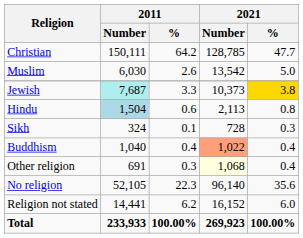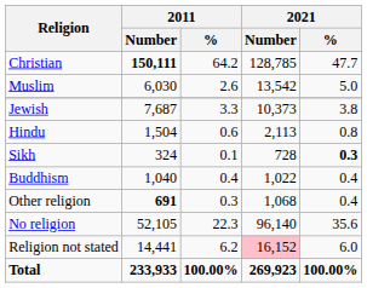 <table class="wikitable sortable" style="text-align:right">
 <tr>
 <th rowspan="2">Religion</th>
 <th colspan="2">2011</th>
 <th colspan="2">2021</th>
 </tr>
 <tr>
 <th>Number</th>
 <th>%</th>
 <th>Number</th>
 <th>%</th>
 </tr>
 <tr>
 <td style="text-align:left"><a href='#'>Christian</a></td>
-<td>150,111</td>
+<td><strong>150,111</strong></td>
 <td>64.2</td>
 <td>128,785</td>
 <td>47.7</td>
 </tr>
 <tr>
 <td style="text-align:left"><a href='#'>Muslim</a></td>
 <td>6,030</td>
 <td>2.6</td>
 <td>13,542</td>
 <td>5.0</td>
 </tr>
 <tr>
 </tr>
 <tr>
 <td style="text-align:left"><a href='#'>Jewish</a></td>
-<td style="background: paleturquoise;">7,687</td>
+<td>7,687</td>
 <td>3.3</td>
 <td>10,373</td>
-<td style="background: gold;">3.8</td>
+<td>3.8</td>
 </tr>
 <tr>
 <td style="text-align:left"><a href='#'>Hindu</a></td>
-<td style="background: lightblue;">1,504</td>
+<td>1,504</td>
 <td>0.6</td>
 <td>2,113</td>
 <td>0.8</td>
 </tr>
 <tr>
 <td style="text-align:left"><a href='#'>Sikh</a></td>
 <td>324</td>
 <td>0.1</td>
 <td>728</td>
-<td>0.3</td>
+<td><strong>0.3</strong></td>
 </tr>
 <tr>
 <td style="text-align:left"><a href='#'>Buddhism</a></td>
 <td>1,040</td>
 <td>0.4</td>
-<td style="background: lightsalmon;">1,022</td>
+<td>1,022</td>
 <td>0.4</td>
 </tr>
 <tr>
 <td style="text-align:left">Other religion</td>
-<td>691</td>
+<td><strong>691</strong></td>
 <td>0.3</td>
-<td style="background: lightyellow;">1,068</td>
+<td>1,068</td>
 <td>0.4</td>
 </tr>
 <tr>
 <td style="text-align:left"><a href='#'>No religion</a></td>
 <td>52,105</td>
 <td>22.3</td>
 <td>96,140</td>
 <td>35.6</td>
 </tr>
 <tr>
 <td style="text-align:left">Religion not stated</td>
 <td>14,441</td>
 <td>6.2</td>
-<td>16,152</td>
+<td style="background: pink;">16,152</td>
 <td>6.0</td>
 </tr>
 <tr style="font-weight:bold;">
 <td style="text-align:left">Total</td>
 <td>233,933</td>
 <td>100.00%</td>
 <td>269,923</td>
 <td>100.00%</td>
 </tr>
 </table>
